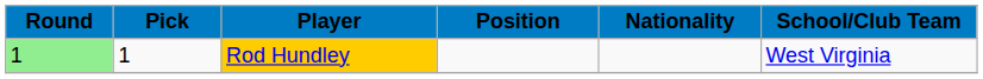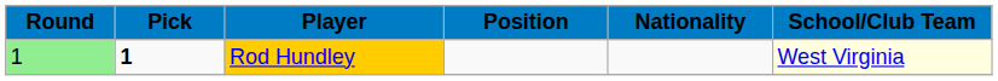 <table class="wikitable sortable sortable">
 <tr>
 <th style="background:#007CC5;" width="10%">Round</th>
 <th style="background:#007CC5;" width="10%">Pick</th>
 <th style="background:#007CC5;" width="20%">Player</th>
 <th style="background:#007CC5;" width="15%">Position</th>
 <th style="background:#007CC5;" width="15%">Nationality</th>
 <th style="background:#007CC5;" width="20%">School/Club Team</th>
 </tr>
 <tr>
 <td style="background: lightgreen;">1</td>
-<td>1</td>
+<td><strong>1</strong></td>
 <td bgcolor="#FFCC00"><a href='#'>Rod Hundley</a></td>
 <td></td>
 <td></td>
-<td><a href='#'>West Virginia</a></td>
+<td style="background: lightyellow;"><a href='#'>West Virginia</a></td>
 </tr>
 <tr>
 </tr>
 </table>
